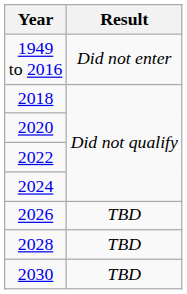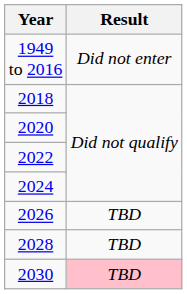 <table class="wikitable" style="text-align: center; font-size:90%">
 <tr>
 <th>Year</th>
 <th>Result</th>
 </tr>
 <tr>
 <td> <a href='#'>1949</a><br>to  <a href='#'>2016</a></td>
 <td><em>Did not enter</em></td>
 </tr>
 <tr>
 <td> <a href='#'>2018</a></td>
 <td rowspan="4"><em>Did not qualify</em></td>
 </tr>
 <tr>
 <td> <a href='#'>2020</a></td>
 </tr>
 <tr>
 <td> <a href='#'>2022</a></td>
 </tr>
 <tr>
 <td> <a href='#'>2024</a></td>
 </tr>
 <tr>
 <td> <a href='#'>2026</a></td>
 <td><em>TBD</em></td>
 </tr>
 <tr>
 <td> <a href='#'>2028</a></td>
 <td><em>TBD</em></td>
 </tr>
 <tr>
 <td> <a href='#'>2030</a></td>
-<td><em>TBD</em></td>
+<td style="background: pink;"><em>TBD</em></td>
 </tr>
 </table>
